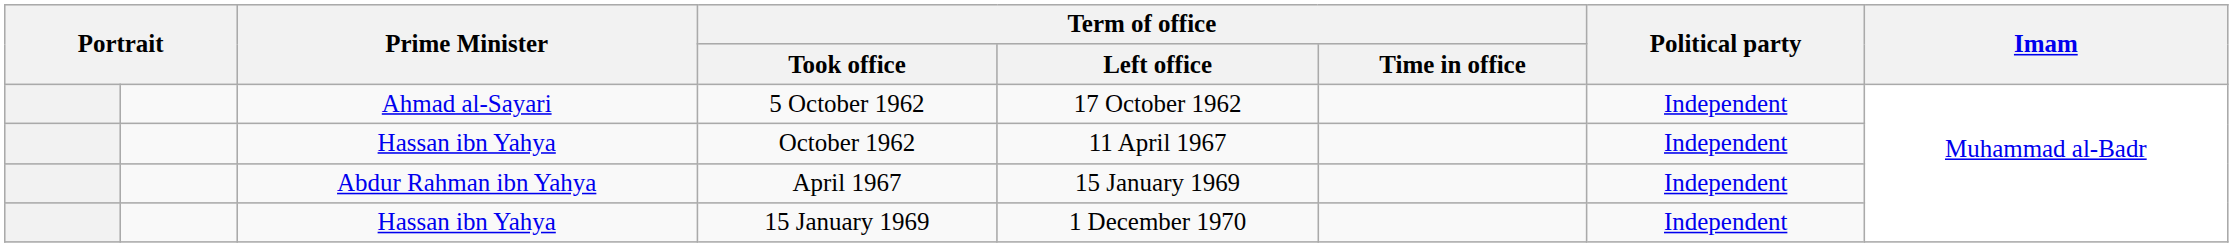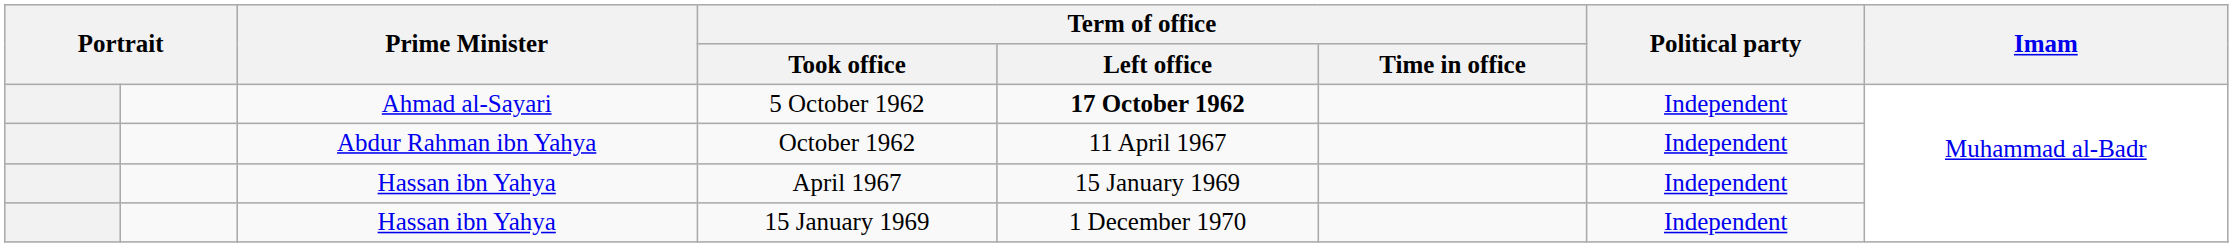 <table class="wikitable" style="text-align:center; border:1px #aaf solid; width:90%;">
 <tr>
 <th rowspan="2" colspan="2" width="80px">Portrait</th>
 <th rowspan="2">Prime Minister<br></th>
 <th colspan="3">Term of office</th>
 <th rowspan="2">Political party</th>
 <th rowspan="2"><a href='#'>Imam</a><br></th>
 </tr>
 <tr>
 <th>Took office</th>
 <th>Left office</th>
 <th>Time in office</th>
 </tr>
 <tr>
 <th style="background:"></th>
 <td></td>
 <td><a href='#'>Ahmad al-Sayari</a><br></td>
 <td>5 October 1962</td>
-<td>17 October 1962</td>
+<td><strong>17 October 1962</strong></td>
 <td></td>
 <td><a href='#'>Independent</a></td>
 <td style="background:White;" rowspan=4><a href='#'>Muhammad al-Badr</a><br><br></td>
 </tr>
 <tr>
 <th style="background:"></th>
 <td></td>
-<td><a href='#'>Hassan ibn Yahya</a><br></td>
+<td><a href='#'>Abdur Rahman ibn Yahya</a><br></td>
 <td>October 1962</td>
 <td>11 April 1967</td>
 <td></td>
 <td><a href='#'>Independent</a></td>
 </tr>
 <tr>
 <th style="background:"></th>
 <td></td>
-<td><a href='#'>Abdur Rahman ibn Yahya</a><br></td>
+<td><a href='#'>Hassan ibn Yahya</a><br></td>
 <td>April 1967</td>
 <td>15 January 1969</td>
 <td></td>
 <td><a href='#'>Independent</a></td>
 </tr>
 <tr>
 <th style="background:"></th>
 <td></td>
 <td><a href='#'>Hassan ibn Yahya</a><br></td>
 <td>15 January 1969</td>
 <td>1 December 1970</td>
 <td></td>
 <td><a href='#'>Independent</a></td>
 </tr>
 </table>
